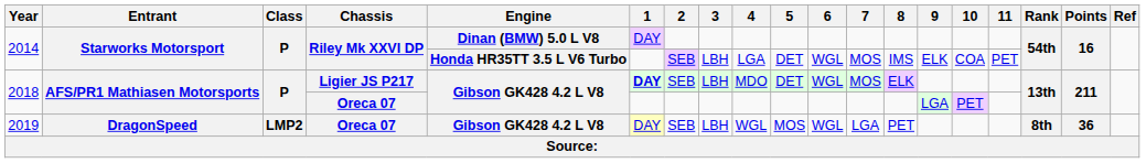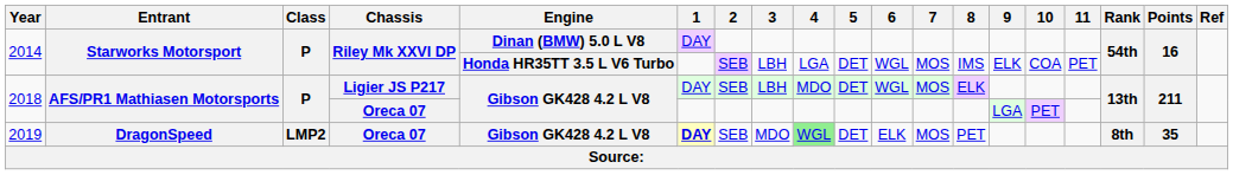 <table class="wikitable" style="text-align:center; font-size:90%">
 <tr>
 <th>Year</th>
 <th>Entrant</th>
 <th>Class</th>
 <th>Chassis</th>
 <th>Engine</th>
 <th>1</th>
 <th>2</th>
 <th>3</th>
 <th>4</th>
 <th>5</th>
 <th>6</th>
 <th>7</th>
 <th>8</th>
 <th>9</th>
 <th>10</th>
 <th>11</th>
 <th>Rank</th>
 <th>Points</th>
 <th>Ref</th>
 </tr>
 <tr>
 <td rowspan=2><a href='#'>2014</a></td>
 <th rowspan=2><a href='#'>Starworks Motorsport</a></th>
 <th rowspan=2>P</th>
 <th rowspan=2><a href='#'>Riley Mk XXVI DP</a></th>
 <th><a href='#'>Dinan</a> (<a href='#'>BMW</a>) 5.0 L V8</th>
 <td style="background:#EFCFFF;"><a href='#'>DAY</a><br></td>
 <td></td>
 <td></td>
 <td></td>
 <td></td>
 <td></td>
 <td></td>
 <td></td>
 <td></td>
 <td></td>
 <td></td>
 <th rowspan=2>54th</th>
 <th rowspan=2>16</th>
 <td rowspan="2"></td>
 </tr>
 <tr>
 <th><a href='#'>Honda</a> HR35TT 3.5 L V6 Turbo</th>
 <td></td>
 <td style="background:#EFCFFF;"><a href='#'>SEB</a><br></td>
 <td><a href='#'>LBH</a></td>
 <td><a href='#'>LGA</a></td>
 <td><a href='#'>DET</a></td>
 <td><a href='#'>WGL</a></td>
 <td><a href='#'>MOS</a></td>
 <td><a href='#'>IMS</a></td>
 <td><a href='#'>ELK</a></td>
 <td><a href='#'>COA</a></td>
 <td><a href='#'>PET</a></td>
 </tr>
 <tr>
 <td rowspan=2><a href='#'>2018</a></td>
 <th rowspan=2><a href='#'>AFS/PR1 Mathiasen Motorsports</a></th>
 <th rowspan=2>P</th>
 <th><a href='#'>Ligier JS P217</a></th>
 <th rowspan=2><a href='#'>Gibson</a> GK428 4.2 L V8</th>
-<td style="background:#DFFFDF;"><strong><a href='#'>DAY</a><br></strong></td>
+<td style="background:#DFFFDF;"><a href='#'>DAY</a><br></td>
 <td style="background:#DFFFDF;"><a href='#'>SEB</a><br></td>
 <td style="background:#DFFFDF;"><a href='#'>LBH</a><br></td>
 <td style="background:#DFFFDF;"><a href='#'>MDO</a><br></td>
 <td style="background:#DFFFDF;"><a href='#'>DET</a><br></td>
 <td style="background:#DFFFDF;"><a href='#'>WGL</a><br></td>
 <td style="background:#DFFFDF;"><a href='#'>MOS</a><br></td>
 <td style="background:#EFCFFF;"><a href='#'>ELK</a><br></td>
 <td></td>
 <td></td>
 <td></td>
 <th rowspan=2>13th</th>
 <th rowspan=2>211</th>
 <td rowspan="2"></td>
 </tr>
 <tr>
 <th><a href='#'>Oreca 07</a></th>
 <td></td>
 <td></td>
 <td></td>
 <td></td>
 <td></td>
 <td></td>
 <td></td>
 <td></td>
 <td style="background:#DFFFDF;"><a href='#'>LGA</a><br></td>
 <td style="background:#EFCFFF;"><a href='#'>PET</a><br></td>
 <td></td>
 </tr>
 <tr>
 <td><a href='#'>2019</a></td>
 <th><a href='#'>DragonSpeed</a></th>
 <th>LMP2</th>
 <th><a href='#'>Oreca 07</a></th>
 <th><a href='#'>Gibson</a> GK428 4.2 L V8</th>
-<td style="background:#FFFFBF;"><a href='#'>DAY</a><br></td>
+<td style="background:#FFFFBF;"><strong><a href='#'>DAY</a><br></strong></td>
 <td><a href='#'>SEB</a></td>
-<td><a href='#'>LBH</a></td>
-<td><a href='#'>WGL</a></td>
+<td><a href='#'>MDO</a></td>
+<td style="background: lightgreen;"><a href='#'>WGL</a></td>
+<td><a href='#'>DET</a></td>
+<td><a href='#'>ELK</a></td>
 <td><a href='#'>MOS</a></td>
-<td><a href='#'>WGL</a></td>
-<td><a href='#'>LGA</a></td>
 <td><a href='#'>PET</a></td>
 <td></td>
 <td></td>
 <td></td>
 <th>8th</th>
-<th>36</th>
+<th>35</th>
 <td></td>
 </tr>
 <tr>
 <th colspan="19">Source:</th>
 </tr>
 </table>
